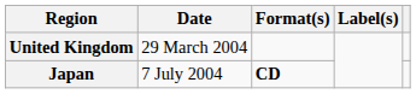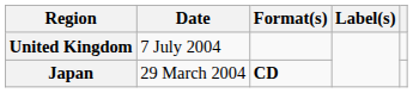 <table class="wikitable plainrowheaders">
 <tr>
 <th scope="col">Region</th>
 <th scope="col">Date</th>
 <th scope="col">Format(s)</th>
 <th scope="col">Label(s)</th>
 <th scope="col"></th>
 </tr>
 <tr>
 <th scope="row">United Kingdom</th>
-<td>29 March 2004</td>
+<td>7 July 2004</td>
 <td></td>
 <td rowspan="2"></td>
 <td></td>
 </tr>
 <tr>
 <th scope="row">Japan</th>
-<td>7 July 2004</td>
+<td>29 March 2004</td>
 <td><strong>CD</strong></td>
 <td></td>
 </tr>
 </table>
